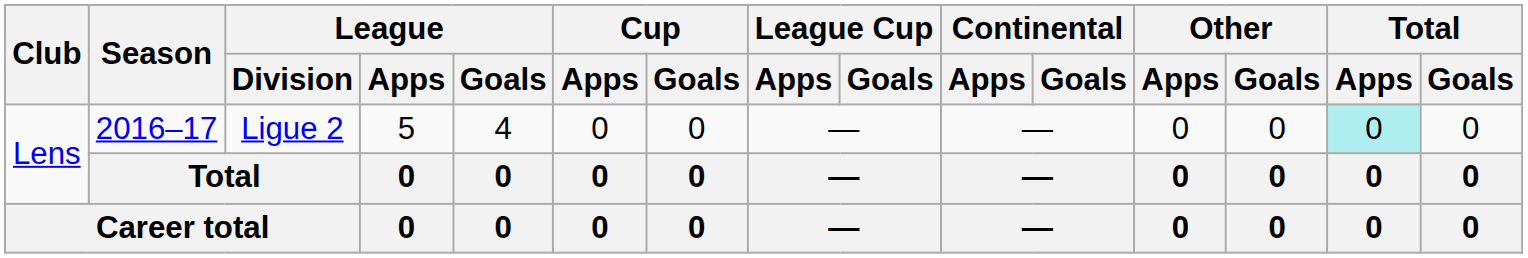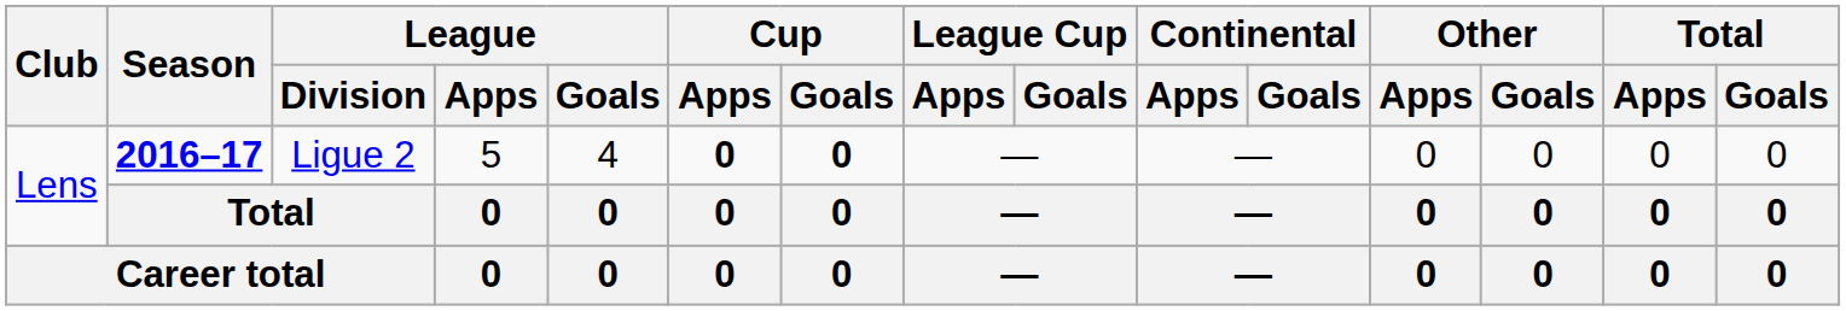 <table class="wikitable" style="text-align:center">
 <tr>
 <th rowspan="2">Club</th>
 <th rowspan="2">Season</th>
 <th colspan="3">League</th>
 <th colspan="2">Cup</th>
 <th colspan="2">League Cup</th>
 <th colspan="2">Continental</th>
 <th colspan="2">Other</th>
 <th colspan="2">Total</th>
 </tr>
 <tr>
 <th>Division</th>
 <th>Apps</th>
 <th>Goals</th>
 <th>Apps</th>
 <th>Goals</th>
 <th>Apps</th>
 <th>Goals</th>
 <th>Apps</th>
 <th>Goals</th>
 <th>Apps</th>
 <th>Goals</th>
 <th>Apps</th>
 <th>Goals</th>
 </tr>
 <tr>
 <td rowspan="2"><a href='#'>Lens</a></td>
-<td><a href='#'>2016–17</a></td>
+<td><strong><a href='#'>2016–17</a></strong></td>
 <td rowspan="1"><a href='#'>Ligue 2</a></td>
 <td>5</td>
 <td>4</td>
-<td>0</td>
-<td>0</td>
+<td><strong>0</strong></td>
+<td><strong>0</strong></td>
 <td colspan="2">—</td>
 <td colspan="2">—</td>
 <td>0</td>
 <td>0</td>
-<td style="background: paleturquoise;">0</td>
+<td>0</td>
 <td>0</td>
 </tr>
 <tr>
 <th colspan="2">Total</th>
 <th>0</th>
 <th>0</th>
 <th>0</th>
 <th>0</th>
 <th colspan="2">—</th>
 <th colspan="2">—</th>
 <th>0</th>
 <th>0</th>
 <th>0</th>
 <th>0</th>
 </tr>
 <tr>
 <th colspan="3">Career total</th>
 <th>0</th>
 <th>0</th>
 <th>0</th>
 <th>0</th>
 <th colspan="2">—</th>
 <th colspan="2">—</th>
 <th>0</th>
 <th>0</th>
 <th>0</th>
 <th>0</th>
 </tr>
 </table>
